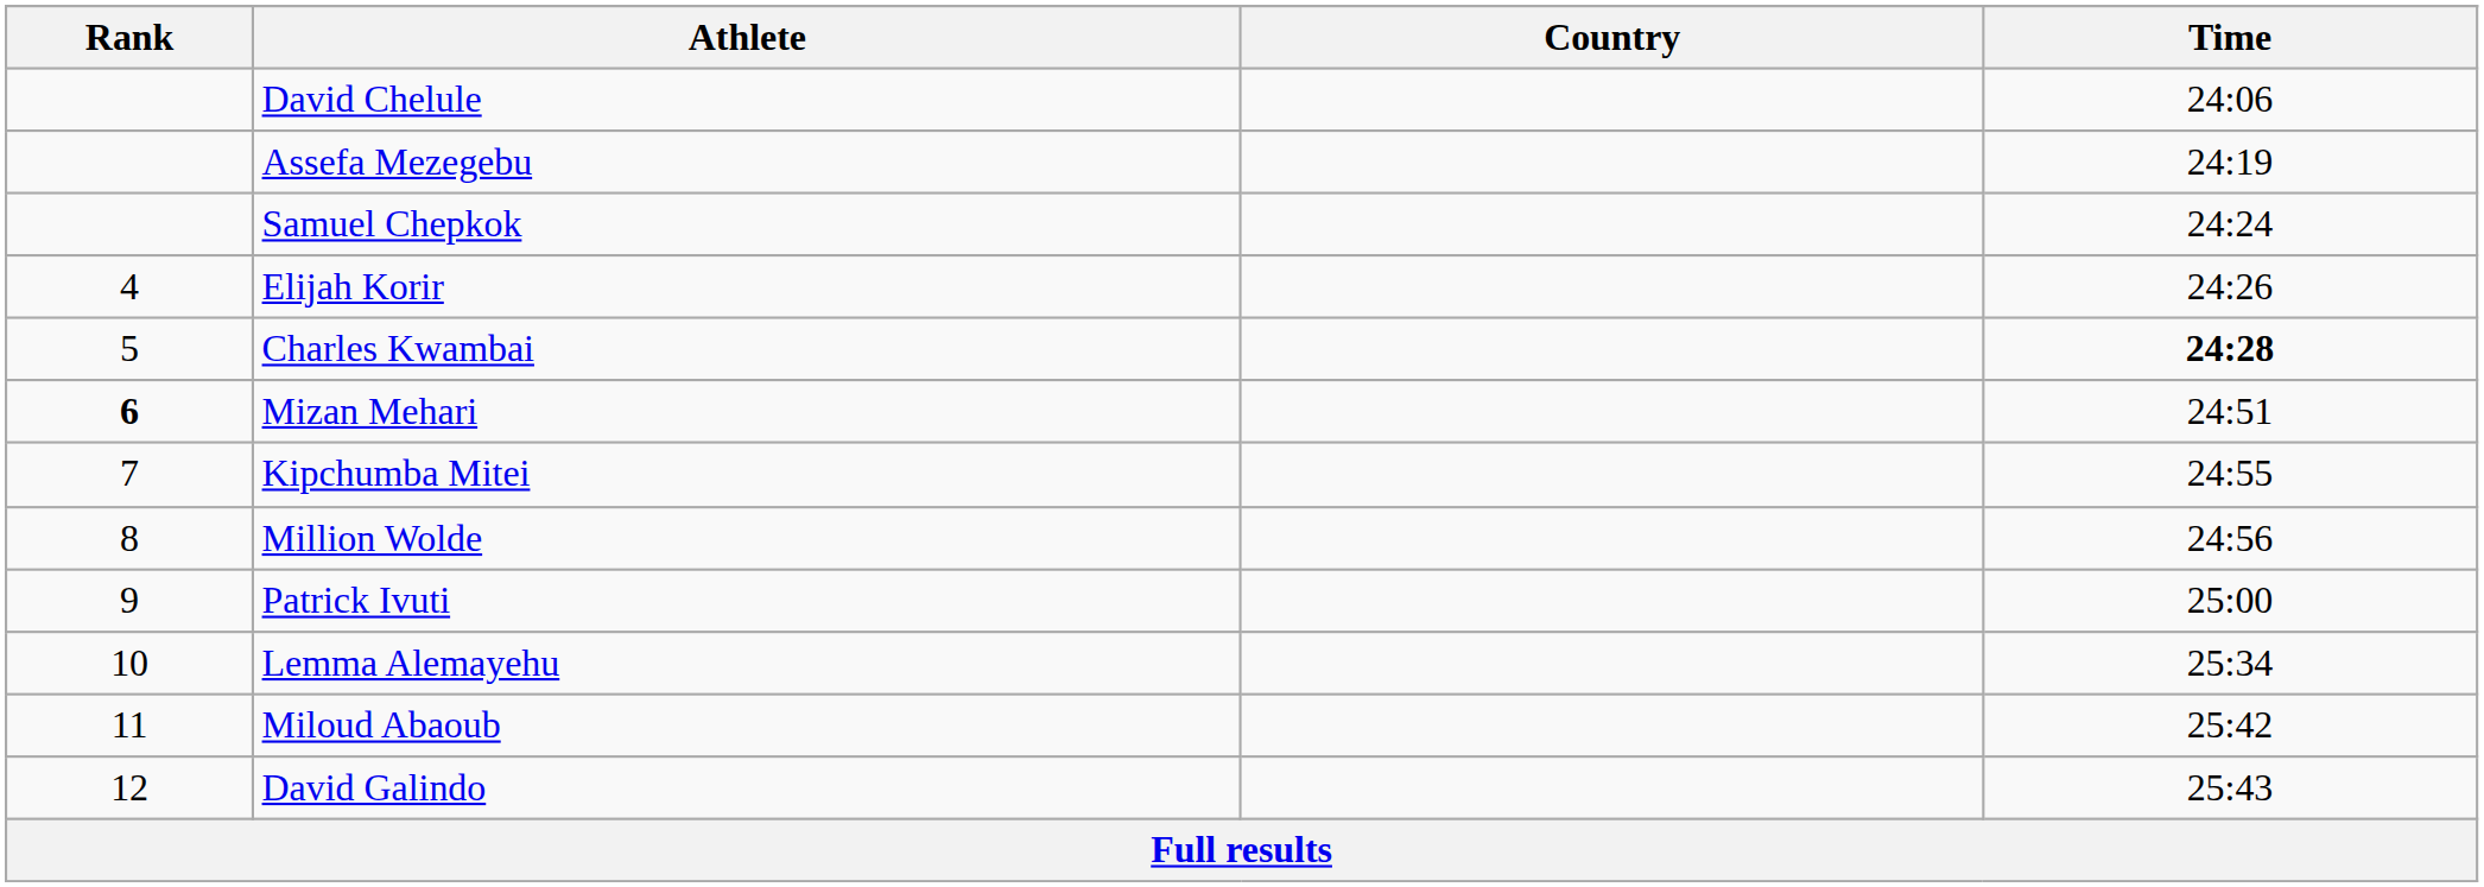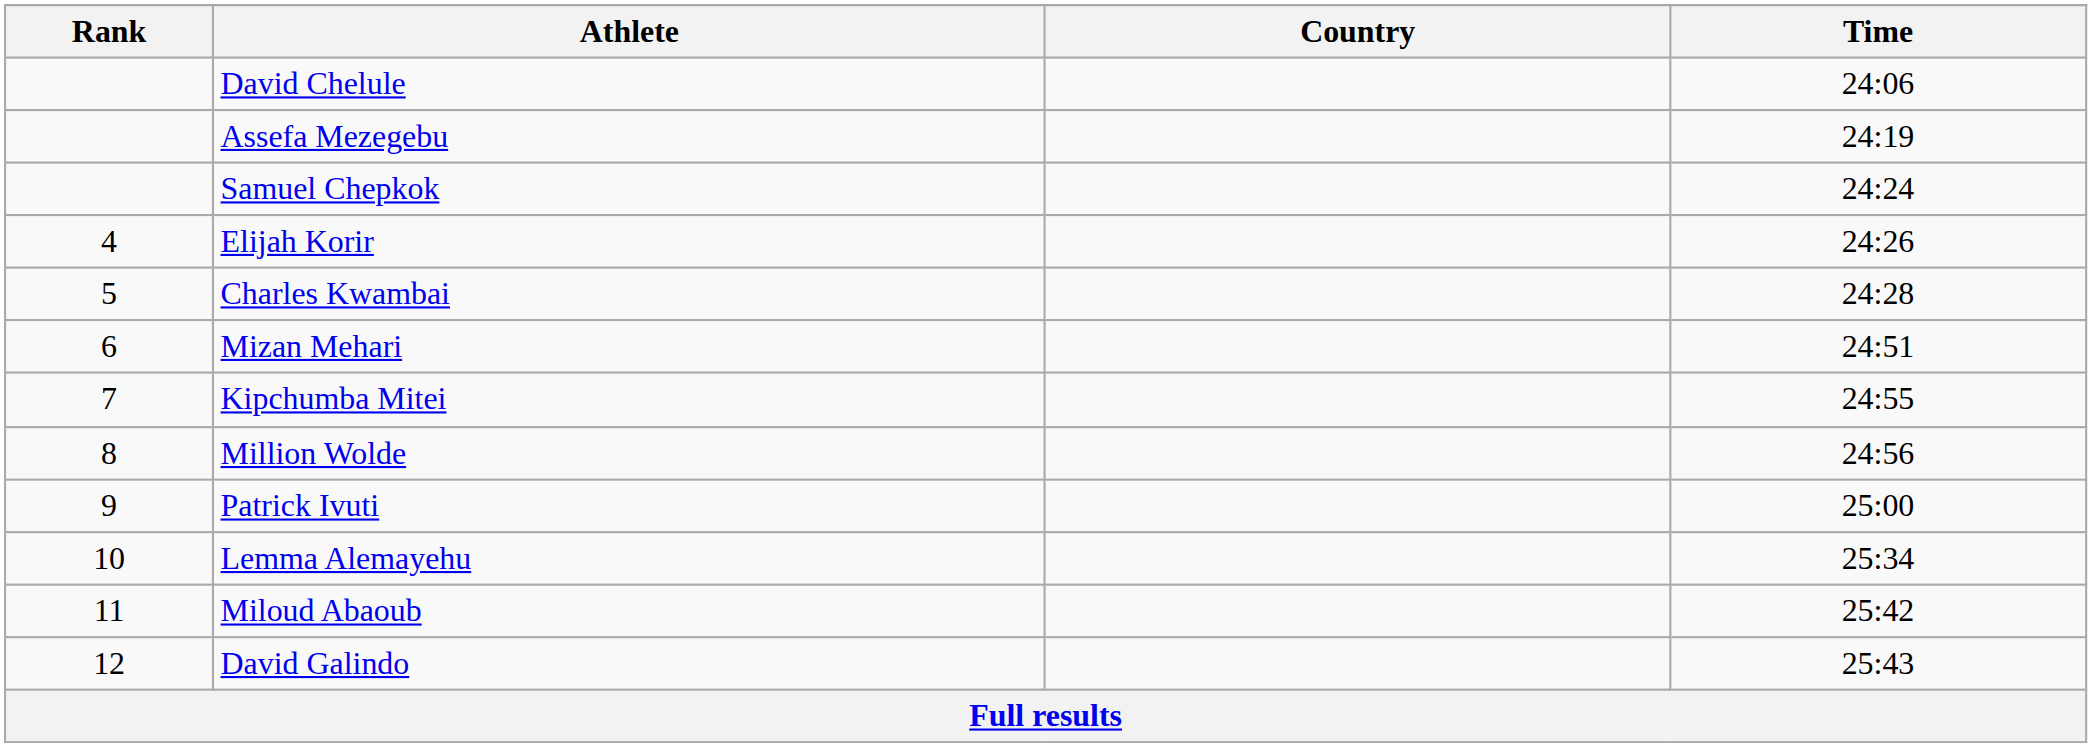 <table class="wikitable sortable" style=" text-align:center; font-size:95%;" width="50%">
 <tr>
 </tr>
 <tr>
 <th width=5%>Rank</th>
 <th width=20%>Athlete</th>
 <th width=15%>Country</th>
 <th width=10%>Time</th>
 </tr>
 <tr>
 <td align=center></td>
 <td align=left><a href='#'>David Chelule</a></td>
 <td align=left></td>
 <td>24:06</td>
 </tr>
 <tr>
 <td align=center></td>
 <td align=left><a href='#'>Assefa Mezegebu</a></td>
 <td align=left></td>
 <td>24:19</td>
 </tr>
 <tr>
 <td align=center></td>
 <td align=left><a href='#'>Samuel Chepkok</a></td>
 <td align=left></td>
 <td>24:24</td>
 </tr>
 <tr>
 <td align=center>4</td>
 <td align=left><a href='#'>Elijah Korir</a></td>
 <td align=left></td>
 <td>24:26</td>
 </tr>
 <tr>
 <td align=center>5</td>
 <td align=left><a href='#'>Charles Kwambai</a></td>
 <td align=left></td>
-<td><strong>24:28</strong></td>
+<td>24:28</td>
 </tr>
 <tr>
-<td align=center><strong>6</strong></td>
+<td align=center>6</td>
 <td align=left><a href='#'>Mizan Mehari</a></td>
 <td align=left></td>
 <td>24:51</td>
 </tr>
 <tr>
 <td align=center>7</td>
 <td align=left><a href='#'>Kipchumba Mitei</a></td>
 <td align=left></td>
 <td>24:55</td>
 </tr>
 <tr>
 <td align=center>8</td>
 <td align=left><a href='#'>Million Wolde</a></td>
 <td align=left></td>
 <td>24:56</td>
 </tr>
 <tr>
 <td align=center>9</td>
 <td align=left><a href='#'>Patrick Ivuti</a></td>
 <td align=left></td>
 <td>25:00</td>
 </tr>
 <tr>
 <td align=center>10</td>
 <td align=left><a href='#'>Lemma Alemayehu</a></td>
 <td align=left></td>
 <td>25:34</td>
 </tr>
 <tr>
 <td align=center>11</td>
 <td align=left><a href='#'>Miloud Abaoub</a></td>
 <td align=left></td>
 <td>25:42</td>
 </tr>
 <tr>
 <td align=center>12</td>
 <td align=left><a href='#'>David Galindo</a></td>
 <td align=left></td>
 <td>25:43</td>
 </tr>
 <tr class="sortbottom">
 <th colspan=4 align=center><a href='#'>Full results</a></th>
 </tr>
 </table>
